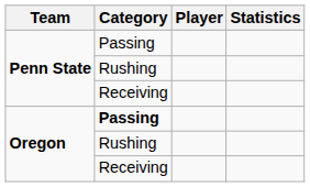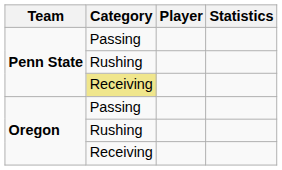 <table class="wikitable" style="float: right;">
 <tr>
 <th>Team</th>
 <th>Category</th>
 <th>Player</th>
 <th>Statistics</th>
 </tr>
 <tr>
 <td rowspan=3><strong>Penn State</strong></td>
 <td>Passing</td>
 <td></td>
 <td></td>
 </tr>
 <tr>
 <td>Rushing</td>
 <td></td>
 <td></td>
 </tr>
 <tr>
-<td>Receiving</td>
+<td style="background: khaki;">Receiving</td>
 <td></td>
 <td></td>
 </tr>
 <tr>
 <td rowspan=3><strong>Oregon</strong></td>
-<td><strong>Passing</strong></td>
+<td>Passing</td>
 <td></td>
 <td></td>
 </tr>
 <tr>
 <td>Rushing</td>
 <td></td>
 <td></td>
 </tr>
 <tr>
 <td>Receiving</td>
 <td></td>
 <td></td>
 </tr>
 </table>
